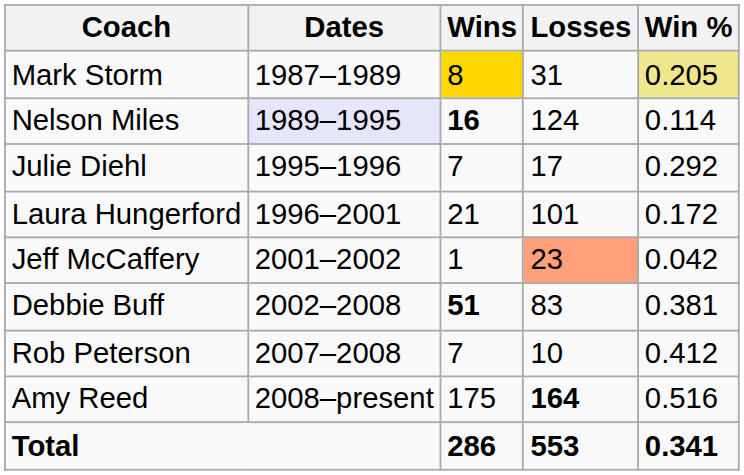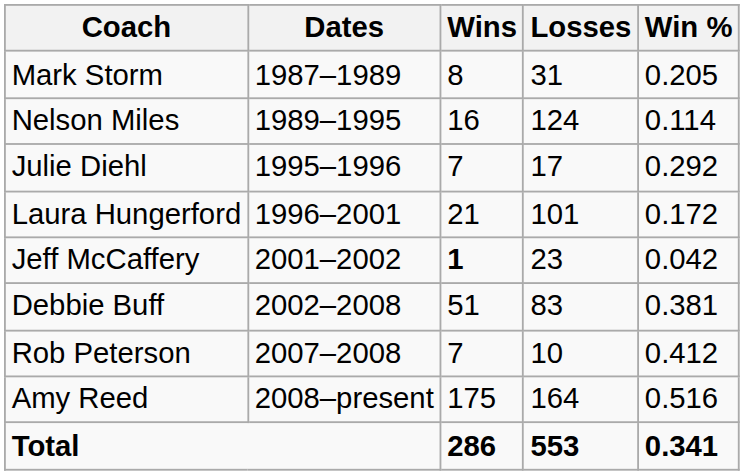 <table class="wikitable">
 <tr>
 <th width=px>Coach</th>
 <th width=px>Dates</th>
 <th width=px>Wins</th>
 <th width=px>Losses</th>
 <th width=px>Win %</th>
 </tr>
 <tr>
 <td>Mark Storm</td>
 <td>1987–1989</td>
-<td style="background: gold;">8</td>
+<td>8</td>
 <td>31</td>
-<td style="background: khaki;">0.205</td>
+<td>0.205</td>
 </tr>
 <tr>
 <td>Nelson Miles</td>
-<td style="background: lavender;">1989–1995</td>
-<td><strong>16</strong></td>
+<td>1989–1995</td>
+<td>16</td>
 <td>124</td>
 <td>0.114</td>
 </tr>
 <tr>
 <td>Julie Diehl</td>
 <td>1995–1996</td>
 <td>7</td>
 <td>17</td>
 <td>0.292</td>
 </tr>
 <tr>
 <td>Laura Hungerford</td>
 <td>1996–2001</td>
 <td>21</td>
 <td>101</td>
 <td>0.172</td>
 </tr>
 <tr>
 <td>Jeff McCaffery</td>
 <td>2001–2002</td>
-<td>1</td>
-<td style="background: lightsalmon;">23</td>
+<td><strong>1</strong></td>
+<td>23</td>
 <td>0.042</td>
 </tr>
 <tr>
 <td>Debbie Buff</td>
 <td>2002–2008</td>
-<td><strong>51</strong></td>
+<td>51</td>
 <td>83</td>
 <td>0.381</td>
 </tr>
 <tr>
 <td>Rob Peterson</td>
 <td>2007–2008</td>
 <td>7</td>
 <td>10</td>
 <td>0.412</td>
 </tr>
 <tr>
 <td>Amy Reed</td>
 <td>2008–present</td>
 <td>175</td>
-<td><strong>164</strong></td>
+<td>164</td>
 <td>0.516</td>
 </tr>
 <tr>
 <td colspan=2><strong>Total</strong></td>
 <td><strong>286</strong></td>
 <td><strong>553</strong></td>
 <td><strong>0.341</strong></td>
 </tr>
 </table>
